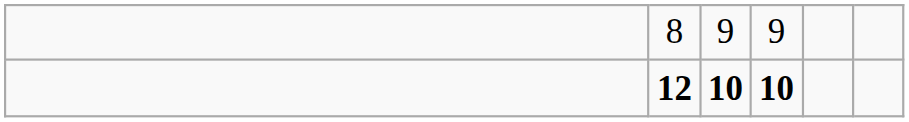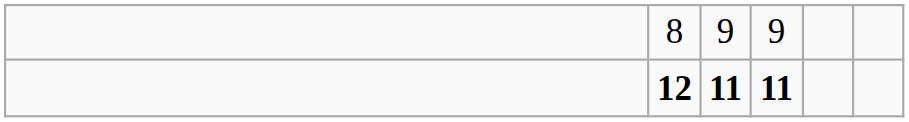 <table class="wikitable">
 <tr>
 <td style="width:18em"></td>
 <td align=center style="width:1em">8</td>
 <td align=center style="width:1em">9</td>
 <td align=center style="width:1em">9</td>
 <td align=center style="width:1em"></td>
 <td align=center style="width:1em"></td>
 </tr>
 <tr>
 <td style="width:18em"></td>
 <td align=center style="width:1em"><strong>12</strong></td>
-<td align=center style="width:1em"><strong>10</strong></td>
-<td align=center style="width:1em"><strong>10</strong></td>
+<td align=center style="width:1em"><strong>11</strong></td>
+<td align=center style="width:1em"><strong>11</strong></td>
 <td align=center style="width:1em"></td>
 <td align=center style="width:1em"></td>
 </tr>
 </table>
